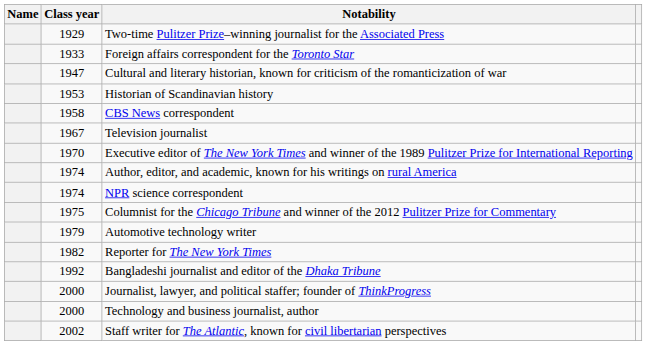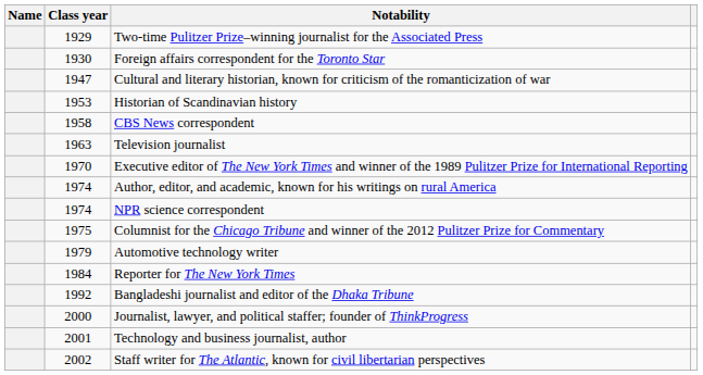 <table class="wikitable sortable plainrowheaders" style="text-align:center; border:2px solid #">
 <tr>
 <th scope="col">Name</th>
 <th scope="col">Class year</th>
 <th scope="col">Notability</th>
 <th scope="col"></th>
 </tr>
 <tr>
 <th scope="row"></th>
 <td>1929</td>
 <td style="text-align:left;">Two-time <a href='#'>Pulitzer Prize</a>–winning journalist for the <a href='#'>Associated Press</a></td>
 <td></td>
 </tr>
 <tr>
 <th scope="row"></th>
-<td>1933</td>
+<td>1930</td>
 <td style="text-align:left;">Foreign affairs correspondent for the <em><a href='#'>Toronto Star</a></em></td>
 <td style="text-align:center;"></td>
 </tr>
 <tr>
 <th scope="row"></th>
 <td>1947</td>
 <td style="text-align:left;">Cultural and literary historian, known for criticism of the romanticization of war</td>
 <td></td>
 </tr>
 <tr>
 <th scope="row"></th>
 <td>1953</td>
 <td style="text-align:left;">Historian of Scandinavian history</td>
 <td></td>
 </tr>
 <tr>
 <th scope="row"></th>
 <td>1958</td>
 <td style="text-align:left;"><a href='#'>CBS News</a> correspondent</td>
 <td></td>
 </tr>
 <tr>
 <th scope="row"></th>
-<td>1967</td>
+<td>1963</td>
 <td style="text-align:left;">Television journalist</td>
 <td></td>
 </tr>
 <tr>
 <th scope="row"></th>
 <td>1970</td>
 <td style="text-align:left;">Executive editor of <em><a href='#'>The New York Times</a></em> and winner of the 1989 <a href='#'>Pulitzer Prize for International Reporting</a></td>
 <td></td>
 </tr>
 <tr>
 <th scope="row"></th>
 <td>1974</td>
 <td style="text-align:left;">Author, editor, and academic, known for his writings on <a href='#'>rural America</a></td>
 <td></td>
 </tr>
 <tr>
 <th scope="row"></th>
 <td>1974</td>
 <td style="text-align:left;"><a href='#'>NPR</a> science correspondent</td>
 <td></td>
 </tr>
 <tr>
 <th scope="row"></th>
 <td>1975</td>
 <td style="text-align:left;">Columnist for the <em><a href='#'>Chicago Tribune</a></em> and winner of the 2012 <a href='#'>Pulitzer Prize for Commentary</a></td>
 <td></td>
 </tr>
 <tr>
 <th scope="row"></th>
 <td>1979</td>
 <td style="text-align:left;">Automotive technology writer</td>
 <td></td>
 </tr>
 <tr>
 <th scope="row"></th>
-<td>1982</td>
+<td>1984</td>
 <td style="text-align:left;">Reporter for <em><a href='#'>The New York Times</a></em></td>
 <td></td>
 </tr>
 <tr>
 <th scope="row"></th>
 <td>1992</td>
 <td style="text-align:left;">Bangladeshi journalist and editor of the <em><a href='#'>Dhaka Tribune</a></em></td>
 <td></td>
 </tr>
 <tr>
 <th scope="row"></th>
 <td>2000</td>
 <td style="text-align:left;">Journalist, lawyer, and political staffer; founder of <em><a href='#'>ThinkProgress</a></em></td>
 <td></td>
 </tr>
 <tr>
 <th scope="row"></th>
-<td>2000</td>
+<td>2001</td>
 <td style="text-align:left;">Technology and business journalist, author</td>
 <td></td>
 </tr>
 <tr>
 <th scope="row"></th>
 <td>2002</td>
 <td style="text-align:left;">Staff writer for <em><a href='#'>The Atlantic</a></em>, known for <a href='#'>civil libertarian</a> perspectives</td>
 <td></td>
 </tr>
 </table>
